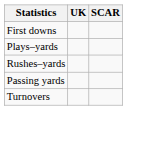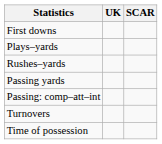 <table class="wikitable" style="float:left">
 <tr>
 <th>Statistics</th>
 <th>UK</th>
 <th>SCAR</th>
 </tr>
 <tr>
 <td>First downs</td>
 <td></td>
 <td></td>
 </tr>
 <tr>
 <td>Plays–yards</td>
 <td></td>
 <td></td>
 </tr>
 <tr>
 <td>Rushes–yards</td>
 <td></td>
 <td></td>
 </tr>
 <tr>
 <td>Passing yards</td>
 <td></td>
 <td></td>
 </tr>
 <tr>
+<td>Passing: comp–att–int</td>
+<td></td>
+<td></td>
+</tr>
+<tr>
 <td>Turnovers</td>
 <td></td>
 <td></td>
 </tr>
+<tr>
+<td>Time of possession</td>
+<td></td>
+<td></td>
+</tr>
 </table>
